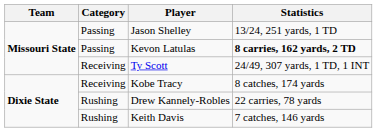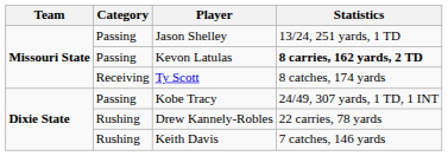 <table class="wikitable" style="float: right;">
 <tr>
 <th>Team</th>
 <th>Category</th>
 <th>Player</th>
 <th>Statistics</th>
 </tr>
 <tr>
 <td rowspan=3><strong>Missouri State</strong></td>
 <td>Passing</td>
 <td>Jason Shelley</td>
 <td>13/24, 251 yards, 1 TD</td>
 </tr>
 <tr>
 <td>Passing</td>
 <td>Kevon Latulas</td>
 <td><strong>8 carries, 162 yards, 2 TD</strong></td>
 </tr>
 <tr>
 <td>Receiving</td>
 <td><a href='#'>Ty Scott</a></td>
-<td>24/49, 307 yards, 1 TD, 1 INT</td>
+<td>8 catches, 174 yards</td>
 </tr>
 <tr>
 <td rowspan=3><strong>Dixie State</strong></td>
-<td>Receiving</td>
+<td>Passing</td>
 <td>Kobe Tracy</td>
-<td>8 catches, 174 yards</td>
+<td>24/49, 307 yards, 1 TD, 1 INT</td>
 </tr>
 <tr>
 <td>Rushing</td>
 <td>Drew Kannely-Robles</td>
 <td>22 carries, 78 yards</td>
 </tr>
 <tr>
 <td>Rushing</td>
 <td>Keith Davis</td>
 <td>7 catches, 146 yards</td>
 </tr>
 </table>
